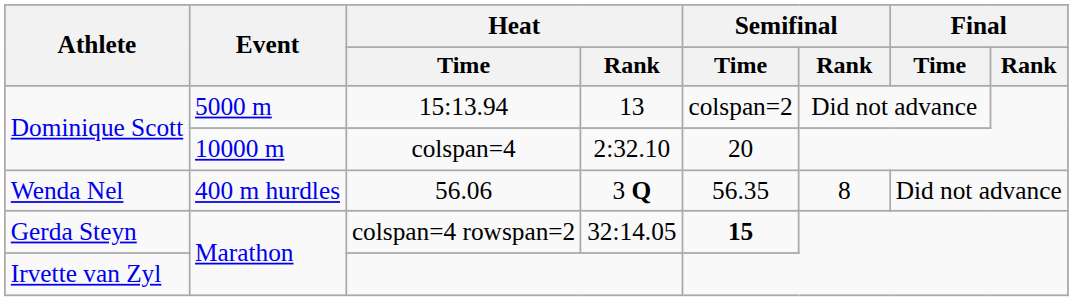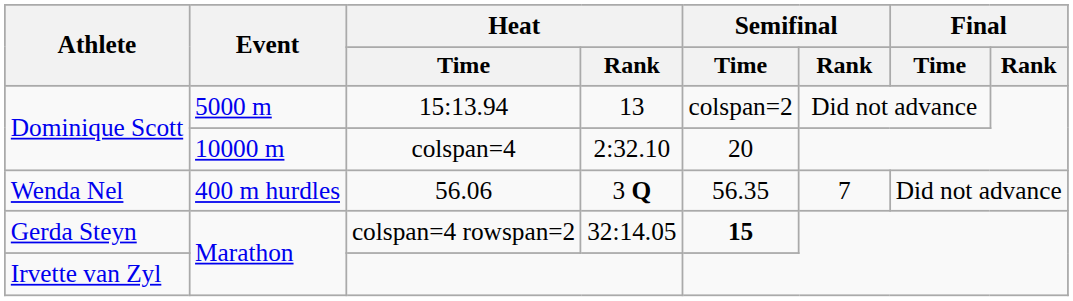 <table class=wikitable style=font-size:90%;text-align:center>
 <tr>
 <th rowspan=2>Athlete</th>
 <th rowspan=2>Event</th>
 <th colspan=2>Heat</th>
 <th colspan=2>Semifinal</th>
 <th colspan=2>Final</th>
 </tr>
 <tr style=font-size:95%>
 <th>Time</th>
 <th>Rank</th>
 <th>Time</th>
 <th>Rank</th>
 <th>Time</th>
 <th>Rank</th>
 </tr>
 <tr>
 <td align=left rowspan=2><a href='#'>Dominique Scott</a></td>
 <td align=left><a href='#'>5000 m</a></td>
 <td>15:13.94</td>
 <td>13</td>
 <td>colspan=2 </td>
 <td colspan="2">Did not advance</td>
 </tr>
 <tr>
 <td align=left><a href='#'>10000 m</a></td>
 <td>colspan=4 </td>
 <td>2:32.10</td>
 <td>20</td>
 </tr>
 <tr>
 <td align=left><a href='#'>Wenda Nel</a></td>
 <td align=left><a href='#'>400 m hurdles</a></td>
 <td>56.06</td>
 <td>3 <strong>Q</strong></td>
 <td>56.35</td>
-<td>8</td>
+<td>7</td>
 <td colspan="2">Did not advance</td>
 </tr>
 <tr>
 <td align=left><a href='#'>Gerda Steyn</a></td>
 <td align=left rowspan=2><a href='#'>Marathon</a></td>
 <td>colspan=4 rowspan=2 </td>
 <td>32:14.05</td>
 <td><strong>15</strong></td>
 </tr>
 <tr>
 <td align=left><a href='#'>Irvette van Zyl</a></td>
 <td colspan=2></td>
 </tr>
 </table>
